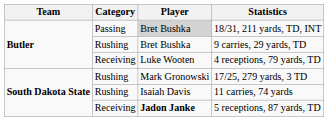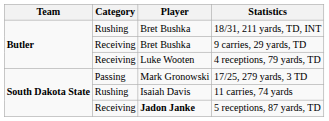 <table class="wikitable" style="float: left;">
 <tr>
 <th>Team</th>
 <th>Category</th>
 <th>Player</th>
 <th>Statistics</th>
 </tr>
 <tr>
 <td rowspan=3><strong>Butler</strong></td>
-<td>Passing</td>
-<td style="background: lightgrey;">Bret Bushka</td>
+<td>Rushing</td>
+<td>Bret Bushka</td>
 <td>18/31, 211 yards, TD, INT</td>
 </tr>
 <tr>
-<td>Rushing</td>
+<td>Receiving</td>
 <td>Bret Bushka</td>
 <td>9 carries, 29 yards, TD</td>
 </tr>
 <tr>
 <td>Receiving</td>
 <td>Luke Wooten</td>
 <td>4 receptions, 79 yards, TD</td>
 </tr>
 <tr>
 <td rowspan=3><strong>South Dakota State</strong></td>
-<td>Rushing</td>
+<td>Passing</td>
 <td>Mark Gronowski</td>
 <td>17/25, 279 yards, 3 TD</td>
 </tr>
 <tr>
 <td>Rushing</td>
 <td>Isaiah Davis</td>
 <td>11 carries, 74 yards</td>
 </tr>
 <tr>
 <td>Receiving</td>
 <td><strong>Jadon Janke</strong></td>
 <td>5 receptions, 87 yards, TD</td>
 </tr>
 </table>
